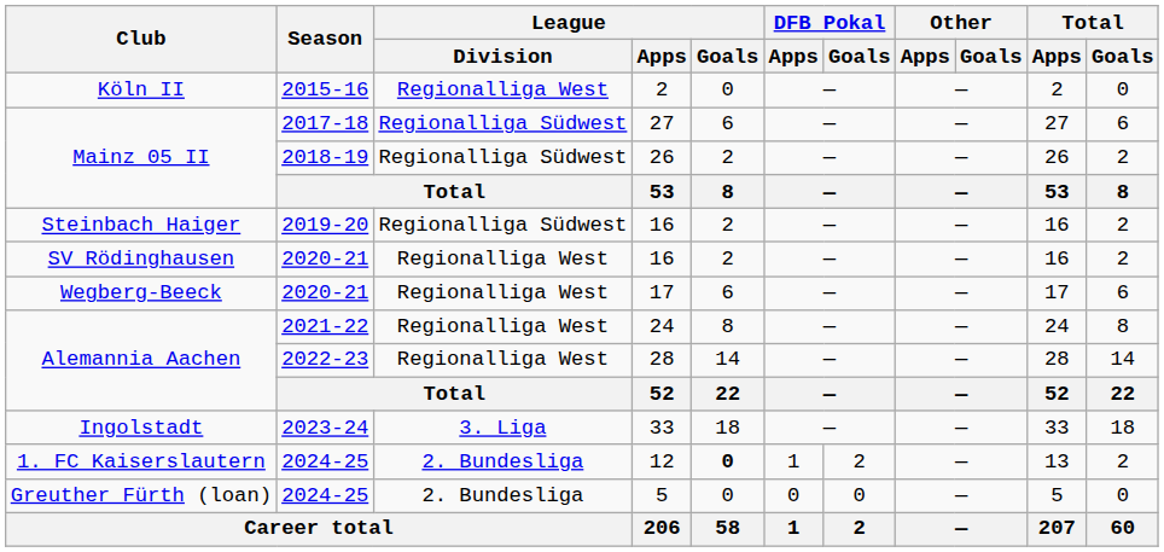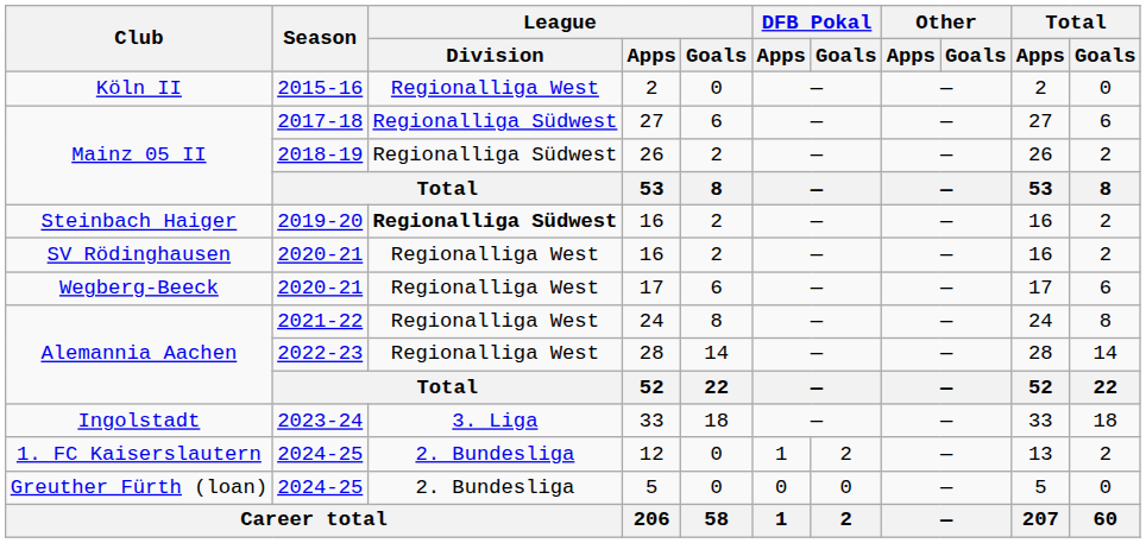 <table class="wikitable" style="text-align: center">
 <tr>
 <th rowspan="2">Club</th>
 <th rowspan="2">Season</th>
 <th colspan="3">League</th>
 <th colspan="2"><a href='#'>DFB Pokal</a></th>
 <th colspan="2">Other</th>
 <th colspan="2">Total</th>
 </tr>
 <tr>
 <th>Division</th>
 <th>Apps</th>
 <th>Goals</th>
 <th>Apps</th>
 <th>Goals</th>
 <th>Apps</th>
 <th>Goals</th>
 <th>Apps</th>
 <th>Goals</th>
 </tr>
 <tr>
 <td><a href='#'>Köln II</a></td>
 <td><a href='#'>2015-16</a></td>
 <td><a href='#'>Regionalliga West</a></td>
 <td>2</td>
 <td>0</td>
 <td colspan="2">—</td>
 <td colspan="2">—</td>
 <td>2</td>
 <td>0</td>
 </tr>
 <tr>
 <td rowspan="3"><a href='#'>Mainz 05 II</a></td>
 <td><a href='#'>2017-18</a></td>
 <td><a href='#'>Regionalliga Südwest</a></td>
 <td>27</td>
 <td>6</td>
 <td colspan="2">—</td>
 <td colspan="2">—</td>
 <td>27</td>
 <td>6</td>
 </tr>
 <tr>
 <td><a href='#'>2018-19</a></td>
 <td>Regionalliga Südwest</td>
 <td>26</td>
 <td>2</td>
 <td colspan="2">—</td>
 <td colspan="2">—</td>
 <td>26</td>
 <td>2</td>
 </tr>
 <tr>
 <th colspan="2">Total</th>
 <th>53</th>
 <th>8</th>
 <th colspan="2">—</th>
 <th colspan="2">—</th>
 <th>53</th>
 <th>8</th>
 </tr>
 <tr>
 <td><a href='#'>Steinbach Haiger</a></td>
 <td><a href='#'>2019-20</a></td>
-<td>Regionalliga Südwest</td>
+<td><strong>Regionalliga Südwest</strong></td>
 <td>16</td>
 <td>2</td>
 <td colspan="2">—</td>
 <td colspan="2">—</td>
 <td>16</td>
 <td>2</td>
 </tr>
 <tr>
 <td><a href='#'>SV Rödinghausen</a></td>
 <td><a href='#'>2020-21</a></td>
 <td>Regionalliga West</td>
 <td>16</td>
 <td>2</td>
 <td colspan="2">—</td>
 <td colspan="2">—</td>
 <td>16</td>
 <td>2</td>
 </tr>
 <tr>
 <td><a href='#'>Wegberg-Beeck</a></td>
 <td><a href='#'>2020-21</a></td>
 <td>Regionalliga West</td>
 <td>17</td>
 <td>6</td>
 <td colspan="2">—</td>
 <td colspan="2">—</td>
 <td>17</td>
 <td>6</td>
 </tr>
 <tr>
 <td rowspan="3"><a href='#'>Alemannia Aachen</a></td>
 <td><a href='#'>2021-22</a></td>
 <td>Regionalliga West</td>
 <td>24</td>
 <td>8</td>
 <td colspan="2">—</td>
 <td colspan="2">—</td>
 <td>24</td>
 <td>8</td>
 </tr>
 <tr>
 <td><a href='#'>2022-23</a></td>
 <td>Regionalliga West</td>
 <td>28</td>
 <td>14</td>
 <td colspan="2">—</td>
 <td colspan="2">—</td>
 <td>28</td>
 <td>14</td>
 </tr>
 <tr>
 <th colspan="2">Total</th>
 <th>52</th>
 <th>22</th>
 <th colspan="2">—</th>
 <th colspan="2">—</th>
 <th>52</th>
 <th>22</th>
 </tr>
 <tr>
 <td><a href='#'>Ingolstadt</a></td>
 <td><a href='#'>2023-24</a></td>
 <td><a href='#'>3. Liga</a></td>
 <td>33</td>
 <td>18</td>
 <td colspan="2">—</td>
 <td colspan="2">—</td>
 <td>33</td>
 <td>18</td>
 </tr>
 <tr>
 <td><a href='#'>1. FC Kaiserslautern</a></td>
 <td><a href='#'>2024-25</a></td>
 <td><a href='#'>2. Bundesliga</a></td>
 <td>12</td>
-<td><strong>0</strong></td>
+<td>0</td>
 <td>1</td>
 <td>2</td>
 <td colspan="2">—</td>
 <td>13</td>
 <td>2</td>
 </tr>
 <tr>
 <td><a href='#'>Greuther Fürth</a> (loan)</td>
 <td><a href='#'>2024-25</a></td>
 <td>2. Bundesliga</td>
 <td>5</td>
 <td>0</td>
 <td>0</td>
 <td>0</td>
 <td colspan="2">—</td>
 <td>5</td>
 <td>0</td>
 </tr>
 <tr>
 <th colspan="3">Career total</th>
 <th>206</th>
 <th>58</th>
 <th>1</th>
 <th>2</th>
 <th colspan="2">—</th>
 <th>207</th>
 <th>60</th>
 </tr>
 </table>
